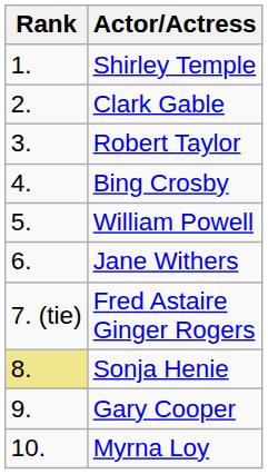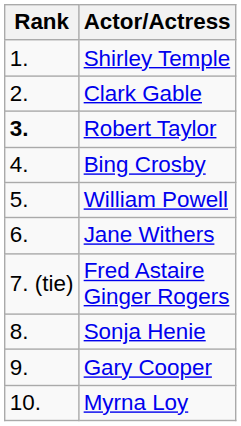 <table class="wikitable">
 <tr>
 <th>Rank</th>
 <th>Actor/Actress</th>
 </tr>
 <tr>
 <td>1.</td>
 <td><a href='#'>Shirley Temple</a></td>
 </tr>
 <tr>
 <td>2.</td>
 <td><a href='#'>Clark Gable</a></td>
 </tr>
 <tr>
-<td>3.</td>
+<td><strong>3.</strong></td>
 <td><a href='#'>Robert Taylor</a></td>
 </tr>
 <tr>
 <td>4.</td>
 <td><a href='#'>Bing Crosby</a></td>
 </tr>
 <tr>
 <td>5.</td>
 <td><a href='#'>William Powell</a></td>
 </tr>
 <tr>
 <td>6.</td>
 <td><a href='#'>Jane Withers</a></td>
 </tr>
 <tr>
 <td>7. (tie)</td>
 <td><a href='#'>Fred Astaire</a><br><a href='#'>Ginger Rogers</a></td>
 </tr>
 <tr>
-<td style="background: khaki;">8.</td>
+<td>8.</td>
 <td><a href='#'>Sonja Henie</a></td>
 </tr>
 <tr>
 <td>9.</td>
 <td><a href='#'>Gary Cooper</a></td>
 </tr>
 <tr>
 <td>10.</td>
 <td><a href='#'>Myrna Loy</a></td>
 </tr>
 </table>
